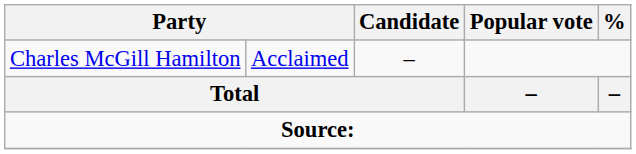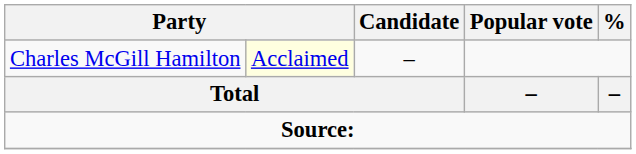 <table class="wikitable">
 <tr>
 <th colspan="2">Party</th>
 <th>Candidate</th>
 <th>Popular vote</th>
 <th>%</th>
 </tr>
 <tr>
 <td> <a href='#'>Charles McGill Hamilton</a></td>
-<td align=center><a href='#'>Acclaimed</a></td>
+<td align=center style="background: lightyellow;"><a href='#'>Acclaimed</a></td>
 <td align=center>–</td>
 </tr>
 <tr>
 <th colspan=3>Total</th>
 <th>–</th>
 <th>–</th>
 </tr>
 <tr>
 <td align="center" colspan=5><strong>Source:</strong> </td>
 </tr>
 <tr>
 </tr>
 </table>
